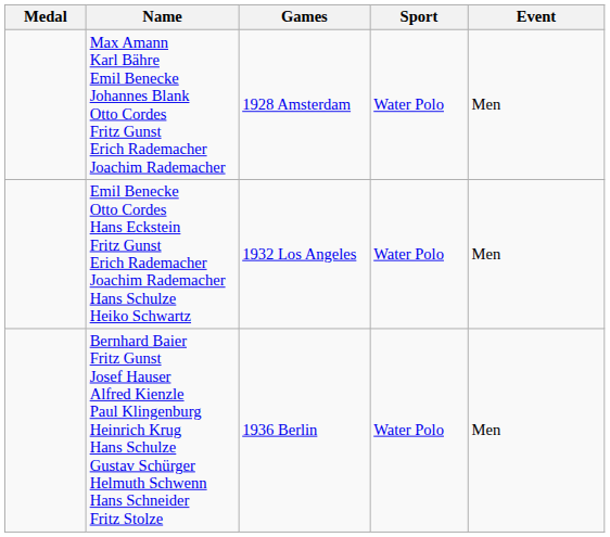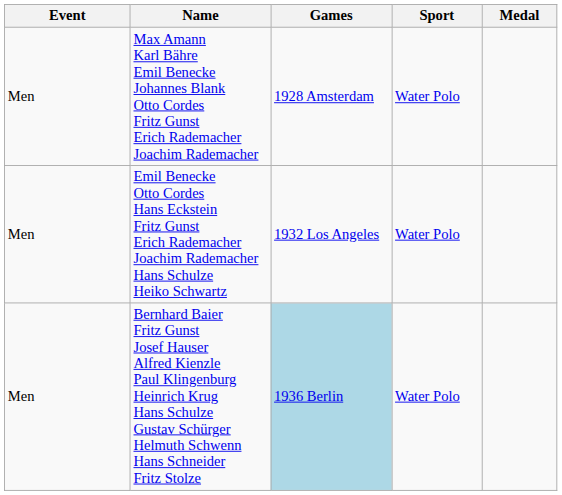 <table class="wikitable sortable">
 <tr>
-<th style="width:6em">Medal</th>
+<th style="width:12em">Event</th>
 <th style="width:12em">Name</th>
 <th style="width:10em">Games</th>
 <th style="width:8em">Sport</th>
-<th style="width:12em">Event</th>
+<th style="width:6em">Medal</th>
 </tr>
 <tr>
-<td></td>
+<td>Men</td>
 <td><a href='#'>Max Amann</a><br><a href='#'>Karl Bähre</a><br><a href='#'>Emil Benecke</a><br><a href='#'>Johannes Blank</a><br><a href='#'>Otto Cordes</a><br><a href='#'>Fritz Gunst</a><br><a href='#'>Erich Rademacher</a><br><a href='#'>Joachim Rademacher</a></td>
 <td> <a href='#'>1928 Amsterdam</a></td>
 <td> <a href='#'>Water Polo</a></td>
-<td>Men</td>
+<td></td>
 </tr>
 <tr>
-<td></td>
+<td>Men</td>
 <td><a href='#'>Emil Benecke</a><br><a href='#'>Otto Cordes</a><br><a href='#'>Hans Eckstein</a><br><a href='#'>Fritz Gunst</a><br><a href='#'>Erich Rademacher</a><br><a href='#'>Joachim Rademacher</a><br><a href='#'>Hans Schulze</a><br><a href='#'>Heiko Schwartz</a></td>
 <td> <a href='#'>1932 Los Angeles</a></td>
 <td> <a href='#'>Water Polo</a></td>
-<td>Men</td>
+<td></td>
 </tr>
 <tr>
+<td>Men</td>
+<td><a href='#'>Bernhard Baier</a><br><a href='#'>Fritz Gunst</a><br><a href='#'>Josef Hauser</a><br><a href='#'>Alfred Kienzle</a><br><a href='#'>Paul Klingenburg</a><br><a href='#'>Heinrich Krug</a><br><a href='#'>Hans Schulze</a><br><a href='#'>Gustav Schürger</a><br><a href='#'>Helmuth Schwenn</a><br><a href='#'>Hans Schneider</a><br><a href='#'>Fritz Stolze</a></td>
+<td style="background: lightblue;"> <a href='#'>1936 Berlin</a></td>
+<td> <a href='#'>Water Polo</a></td>
 <td></td>
-<td><a href='#'>Bernhard Baier</a><br><a href='#'>Fritz Gunst</a><br><a href='#'>Josef Hauser</a><br><a href='#'>Alfred Kienzle</a><br><a href='#'>Paul Klingenburg</a><br><a href='#'>Heinrich Krug</a><br><a href='#'>Hans Schulze</a><br><a href='#'>Gustav Schürger</a><br><a href='#'>Helmuth Schwenn</a><br><a href='#'>Hans Schneider</a><br><a href='#'>Fritz Stolze</a></td>
-<td> <a href='#'>1936 Berlin</a></td>
-<td> <a href='#'>Water Polo</a></td>
-<td>Men</td>
 </tr>
 </table>
